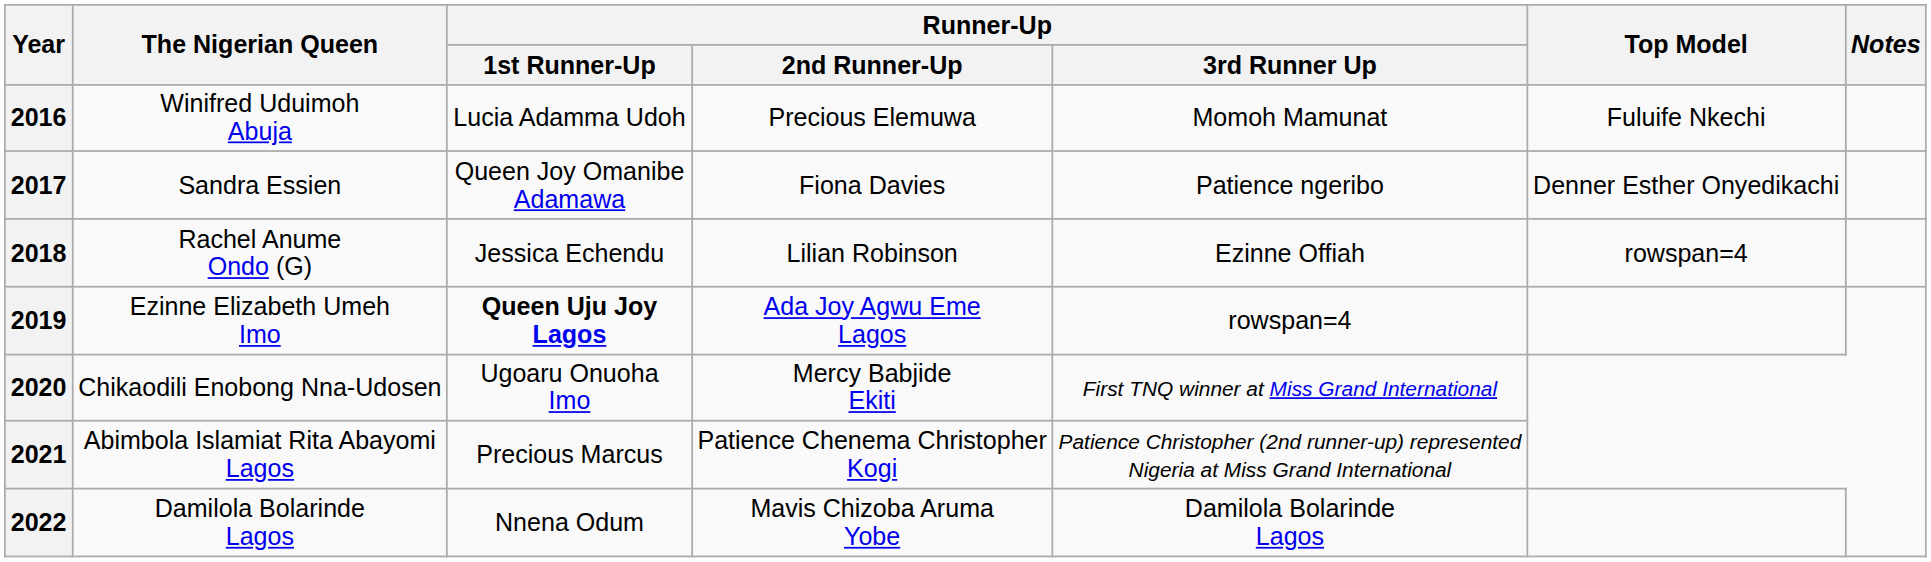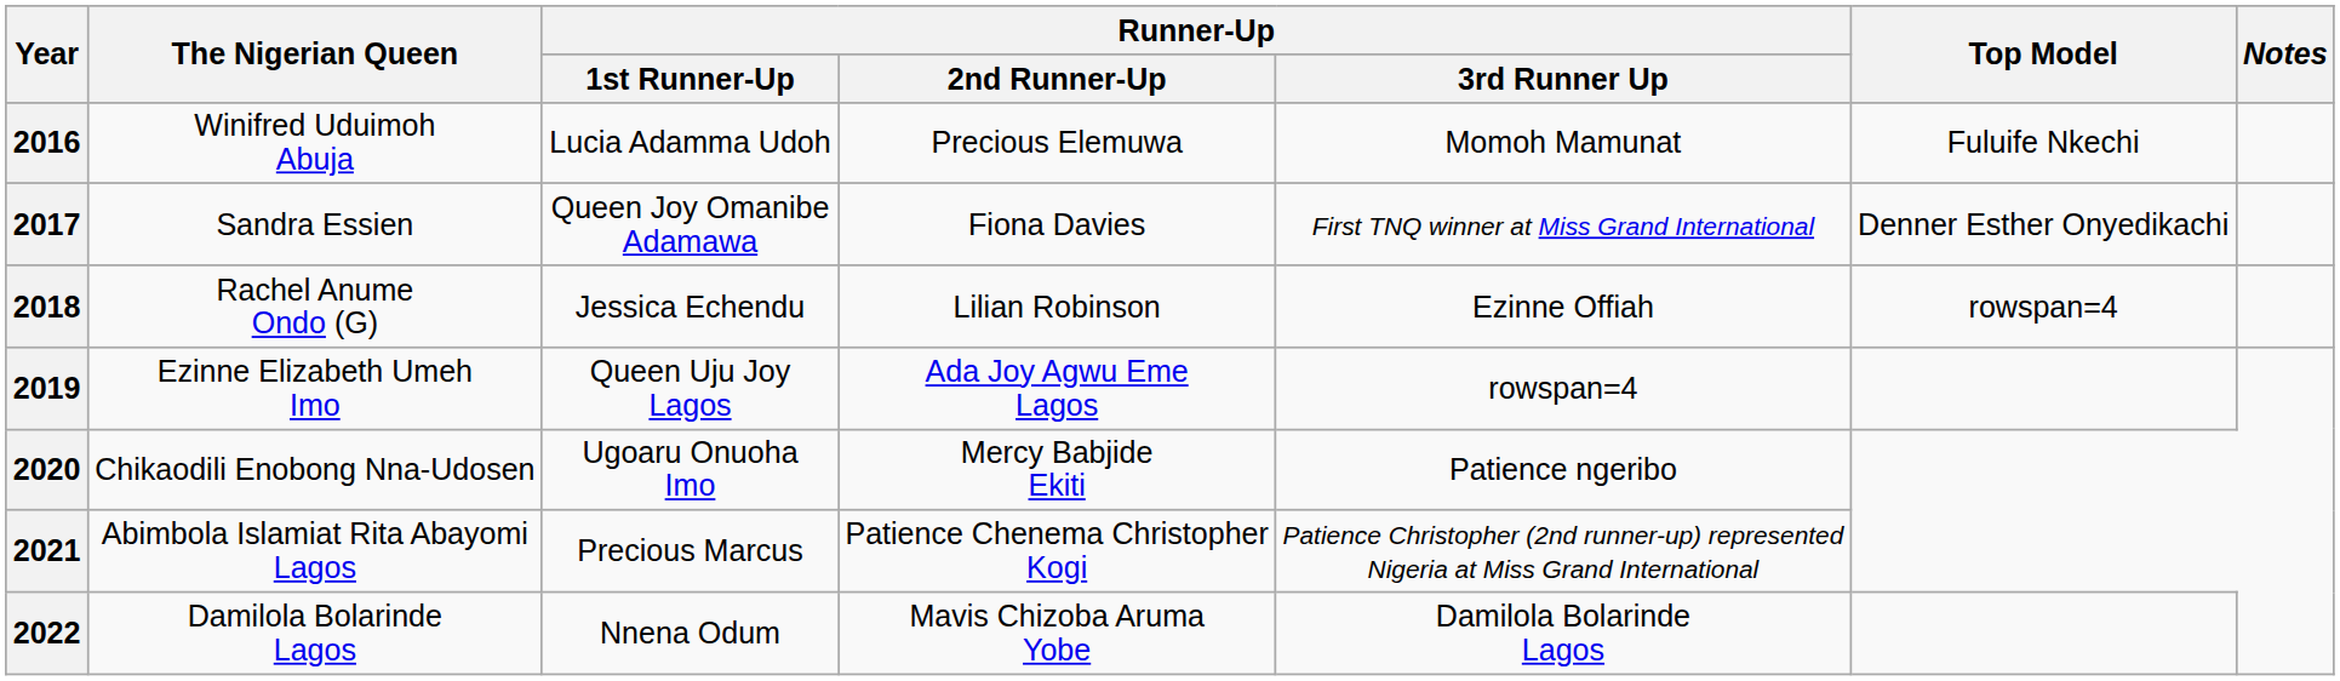 <table class="wikitable" style="font-size: 90%; text-align:center">
 <tr>
 <th rowspan="2">Year</th>
 <th rowspan="2">The Nigerian Queen</th>
 <th colspan="3">Runner-Up</th>
 <th rowspan="2">Top Model</th>
 <th rowspan="2"><em>Notes</em></th>
 </tr>
 <tr>
 <th>1st Runner-Up</th>
 <th>2nd Runner-Up</th>
 <th>3rd Runner Up</th>
 </tr>
 <tr>
 <th>2016</th>
 <td>Winifred Uduimoh<br><a href='#'>Abuja</a></td>
 <td>Lucia Adamma Udoh</td>
 <td>Precious Elemuwa</td>
 <td>Momoh Mamunat</td>
 <td>Fuluife Nkechi</td>
 <td></td>
 </tr>
 <tr>
 <th>2017</th>
 <td>Sandra Essien<br></td>
 <td>Queen Joy Omanibe<br> <a href='#'>Adamawa</a></td>
 <td>Fiona Davies</td>
-<td>Patience ngeribo</td>
+<td><em><small>First TNQ winner at <a href='#'>Miss Grand International</a></small></em></td>
 <td>Denner Esther Onyedikachi</td>
 <td></td>
 </tr>
 <tr>
 <th>2018</th>
 <td>Rachel Anume<br> <a href='#'>Ondo</a> (G)</td>
 <td>Jessica Echendu</td>
 <td>Lilian Robinson</td>
 <td>Ezinne Offiah</td>
 <td>rowspan=4 </td>
 <td></td>
 </tr>
 <tr>
 <th>2019</th>
 <td>Ezinne Elizabeth Umeh<br> <a href='#'>Imo</a></td>
-<td><strong>Queen Uju Joy<br> <a href='#'>Lagos</a></strong></td>
+<td>Queen Uju Joy<br> <a href='#'>Lagos</a></td>
 <td><a href='#'>Ada Joy Agwu Eme</a><br> <a href='#'>Lagos</a></td>
 <td>rowspan=4 </td>
 <td></td>
 </tr>
 <tr>
 <th>2020</th>
 <td>Chikaodili Enobong Nna-Udosen<br></td>
 <td>Ugoaru Onuoha<br> <a href='#'>Imo</a></td>
 <td>Mercy Babjide<br> <a href='#'>Ekiti</a></td>
-<td><em><small>First TNQ winner at <a href='#'>Miss Grand International</a></small></em></td>
+<td>Patience ngeribo</td>
 </tr>
 <tr>
 <th>2021</th>
 <td>Abimbola Islamiat Rita Abayomi<br> <a href='#'>Lagos</a></td>
 <td>Precious Marcus</td>
 <td>Patience Chenema Christopher<br> <a href='#'>Kogi</a></td>
 <td><em><small>Patience Christopher (2nd runner-up) represented<br>Nigeria at Miss Grand International</small></em></td>
 </tr>
 <tr>
 <th>2022</th>
 <td>Damilola Bolarinde<br> <a href='#'>Lagos</a></td>
 <td>Nnena Odum<br></td>
 <td>Mavis Chizoba Aruma<br> <a href='#'>Yobe</a></td>
 <td>Damilola Bolarinde<br> <a href='#'>Lagos</a></td>
 <td></td>
 </tr>
 </table>
